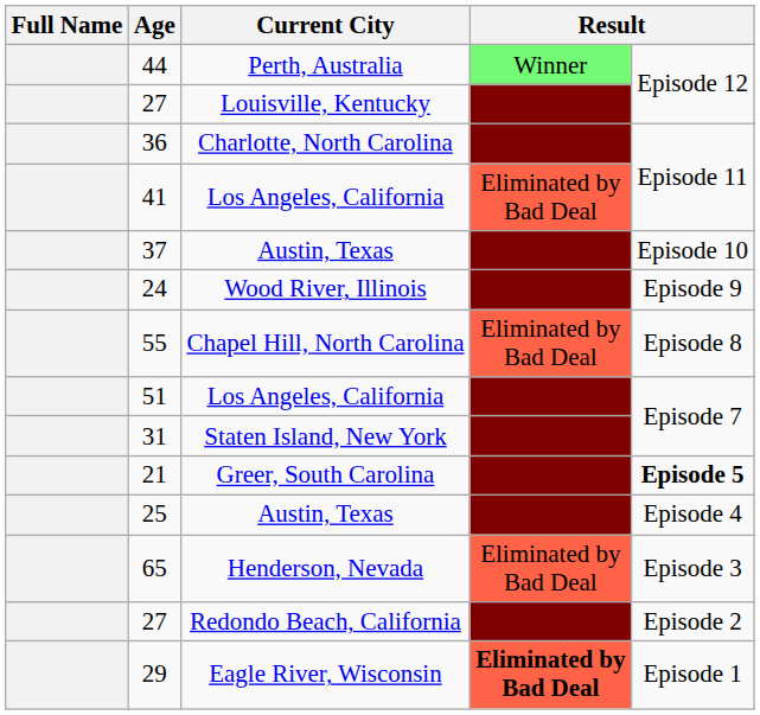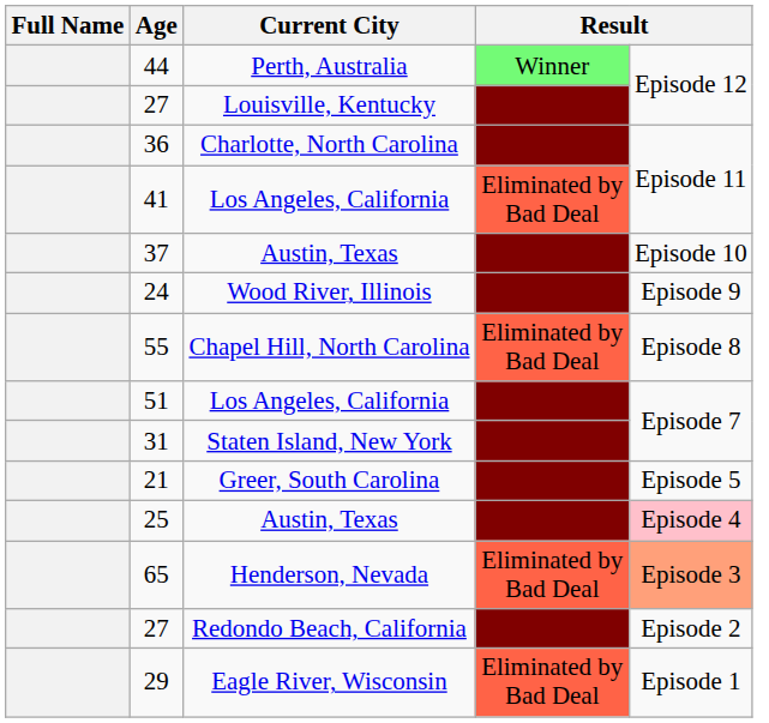 <table class="wikitable sortable" style="text-align:center;">
 <tr>
 <th scope="col">Full Name</th>
 <th scope="col">Age</th>
 <th scope="col" class="unsortable">Current City</th>
 <th colspan="2" class="unsortable">Result</th>
 </tr>
 <tr>
 <th scope="row"></th>
 <td>44</td>
 <td><a href='#'>Perth, Australia</a></td>
 <td bgcolor=#73FB76>Winner</td>
 <td rowspan="2">Episode 12</td>
 </tr>
 <tr>
 <th scope="row"></th>
 <td>27</td>
 <td><a href='#'>Louisville, Kentucky</a></td>
 <td bgcolor="maroon"></td>
 </tr>
 <tr>
 <th scope="row"></th>
 <td>36</td>
 <td><a href='#'>Charlotte, North Carolina</a></td>
 <td bgcolor="maroon"></td>
 <td rowspan="2">Episode 11</td>
 </tr>
 <tr>
 <th scope="row"></th>
 <td>41</td>
 <td><a href='#'>Los Angeles, California</a></td>
 <td bgcolor="tomato">Eliminated by <br>Bad Deal</td>
 </tr>
 <tr>
 <th scope="row"></th>
 <td>37</td>
 <td><a href='#'>Austin, Texas</a></td>
 <td bgcolor="maroon"></td>
 <td>Episode 10</td>
 </tr>
 <tr>
 <th scope="row"></th>
 <td>24</td>
 <td><a href='#'>Wood River, Illinois</a></td>
 <td bgcolor="maroon"></td>
 <td>Episode 9</td>
 </tr>
 <tr>
 <th scope="row"></th>
 <td>55</td>
 <td><a href='#'>Chapel Hill, North Carolina</a></td>
 <td bgcolor="tomato">Eliminated by <br>Bad Deal</td>
 <td>Episode 8</td>
 </tr>
 <tr>
 <th scope="row"></th>
 <td>51</td>
 <td><a href='#'>Los Angeles, California</a></td>
 <td bgcolor="maroon"></td>
 <td rowspan="2">Episode 7</td>
 </tr>
 <tr>
 <th scope="row"></th>
 <td>31</td>
 <td><a href='#'>Staten Island, New York</a></td>
 <td bgcolor="maroon"></td>
 </tr>
 <tr>
 <th scope="row"></th>
 <td>21</td>
 <td><a href='#'>Greer, South Carolina</a></td>
 <td bgcolor="maroon"></td>
-<td><strong>Episode 5</strong></td>
+<td>Episode 5</td>
 </tr>
 <tr>
 <th scope="row"></th>
 <td>25</td>
 <td><a href='#'>Austin, Texas</a></td>
 <td bgcolor="maroon"></td>
-<td>Episode 4</td>
+<td style="background: pink;">Episode 4</td>
 </tr>
 <tr>
 <th scope="row"></th>
 <td>65</td>
 <td><a href='#'>Henderson, Nevada</a></td>
 <td bgcolor="tomato">Eliminated by <br>Bad Deal</td>
-<td>Episode 3</td>
+<td style="background: lightsalmon;">Episode 3</td>
 </tr>
 <tr>
 <th scope="row"></th>
 <td>27</td>
 <td><a href='#'>Redondo Beach, California</a></td>
 <td bgcolor="maroon"></td>
 <td>Episode 2</td>
 </tr>
 <tr>
 <th scope="row"></th>
 <td>29</td>
 <td><a href='#'>Eagle River, Wisconsin</a></td>
-<td bgcolor="tomato"><strong>Eliminated by <br>Bad Deal</strong></td>
+<td bgcolor="tomato">Eliminated by <br>Bad Deal</td>
 <td>Episode 1</td>
 </tr>
 </table>
